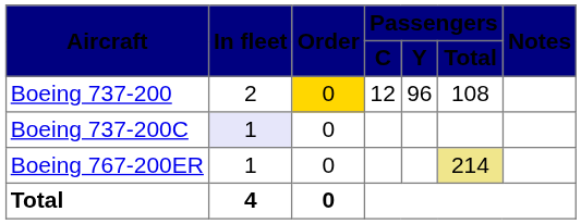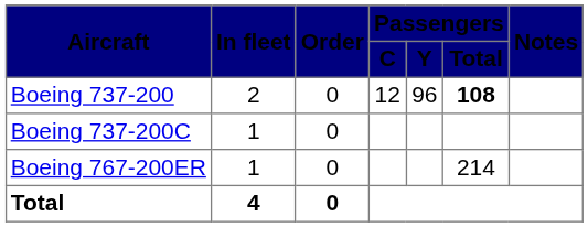 <table class="toccolours" border="1" cellpadding="3" style="margin:1em auto; border-collapse:collapse">
 <tr style="background:navy;">
 <th rowspan=2><span>Aircraft</span></th>
 <th rowspan=2><span>In fleet</span></th>
 <th rowspan=2><span>Order</span></th>
 <th colspan=3><span>Passengers</span></th>
 <th rowspan=2><span>Notes</span></th>
 </tr>
 <tr style="background:navy;">
 <th><span>C</span></th>
 <th><span>Y</span></th>
 <th><span>Total</span></th>
 </tr>
 <tr>
 <td><a href='#'>Boeing 737-200</a></td>
 <td align=center>2</td>
-<td align=center style="background: gold;">0</td>
+<td align=center>0</td>
 <td align=center>12</td>
 <td align=center>96</td>
-<td align=center>108</td>
+<td align=center><strong>108</strong></td>
 <td align="center"></td>
 </tr>
 <tr>
 <td><a href='#'>Boeing 737-200C</a></td>
-<td align=center style="background: lavender;">1</td>
+<td align=center>1</td>
 <td align=center>0</td>
 <td align=center></td>
 <td align=center></td>
 <td align=center></td>
 <td align="center"></td>
 </tr>
 <tr>
 <td><a href='#'>Boeing 767-200ER</a></td>
 <td align=center>1</td>
 <td align=center>0</td>
 <td align=center></td>
 <td align=center></td>
-<td align=center style="background: khaki;">214</td>
+<td align=center>214</td>
 <td align="center"></td>
 </tr>
 <tr>
 <td><strong>Total</strong></td>
 <th>4</th>
 <th>0</th>
 <th colspan=4></th>
 </tr>
 </table>
